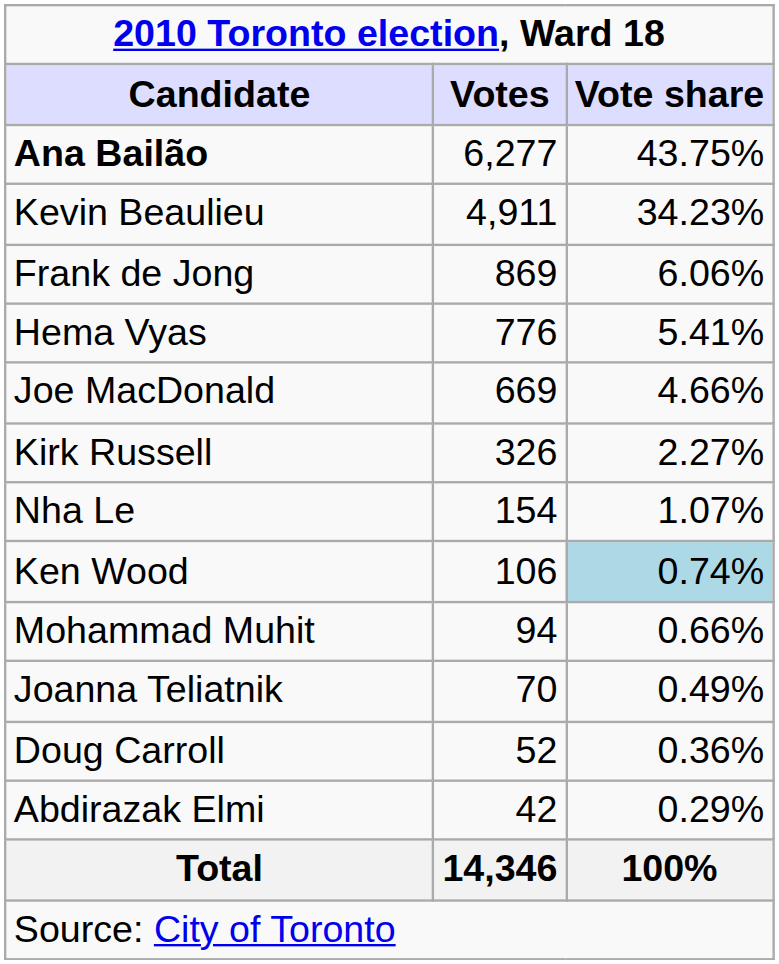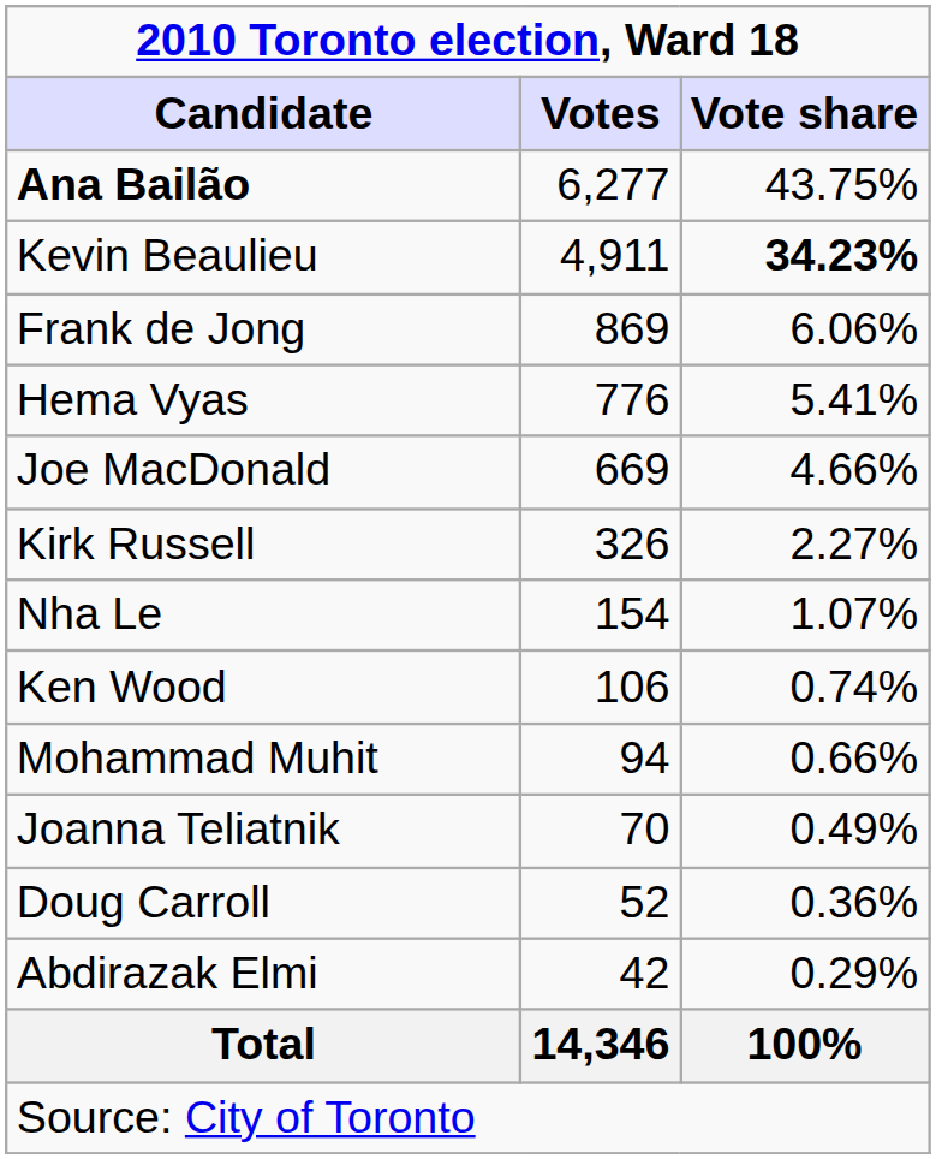 <table class="wikitable">
 <tr>
 <td colspan="3" style="text-align:center;"><strong><a href='#'>2010 Toronto election</a>, Ward 18</strong></td>
 </tr>
 <tr>
 <th style="background:#ddf; width:175px;">Candidate</th>
 <th style="background:#ddf;">Votes</th>
 <th style="background:#ddf;">Vote share</th>
 </tr>
 <tr>
 <td><strong>Ana Bailão</strong></td>
 <td align=right>6,277</td>
 <td align=right>43.75%</td>
 </tr>
 <tr>
 <td>Kevin Beaulieu</td>
 <td align=right>4,911</td>
-<td align=right>34.23%</td>
+<td align=right><strong>34.23%</strong></td>
 </tr>
 <tr>
 <td>Frank de Jong</td>
 <td align=right>869</td>
 <td align=right>6.06%</td>
 </tr>
 <tr>
 <td>Hema Vyas</td>
 <td align=right>776</td>
 <td align=right>5.41%</td>
 </tr>
 <tr>
 <td>Joe MacDonald</td>
 <td align=right>669</td>
 <td align=right>4.66%</td>
 </tr>
 <tr>
 <td>Kirk Russell</td>
 <td align=right>326</td>
 <td align=right>2.27%</td>
 </tr>
 <tr>
 <td>Nha Le</td>
 <td align=right>154</td>
 <td align=right>1.07%</td>
 </tr>
 <tr>
 <td>Ken Wood</td>
 <td align=right>106</td>
-<td align=right style="background: lightblue;">0.74%</td>
+<td align=right>0.74%</td>
 </tr>
 <tr>
 <td>Mohammad Muhit</td>
 <td align=right>94</td>
 <td align=right>0.66%</td>
 </tr>
 <tr>
 <td>Joanna Teliatnik</td>
 <td align=right>70</td>
 <td align=right>0.49%</td>
 </tr>
 <tr>
 <td>Doug Carroll</td>
 <td align=right>52</td>
 <td align=right>0.36%</td>
 </tr>
 <tr>
 <td>Abdirazak Elmi</td>
 <td align=right>42</td>
 <td align=right>0.29%</td>
 </tr>
 <tr>
 <th>Total</th>
 <th align=right>14,346</th>
 <th align=right>100%</th>
 </tr>
 <tr>
 <td colspan="3">Source: <a href='#'>City of Toronto</a><strong></strong></td>
 </tr>
 </table>
